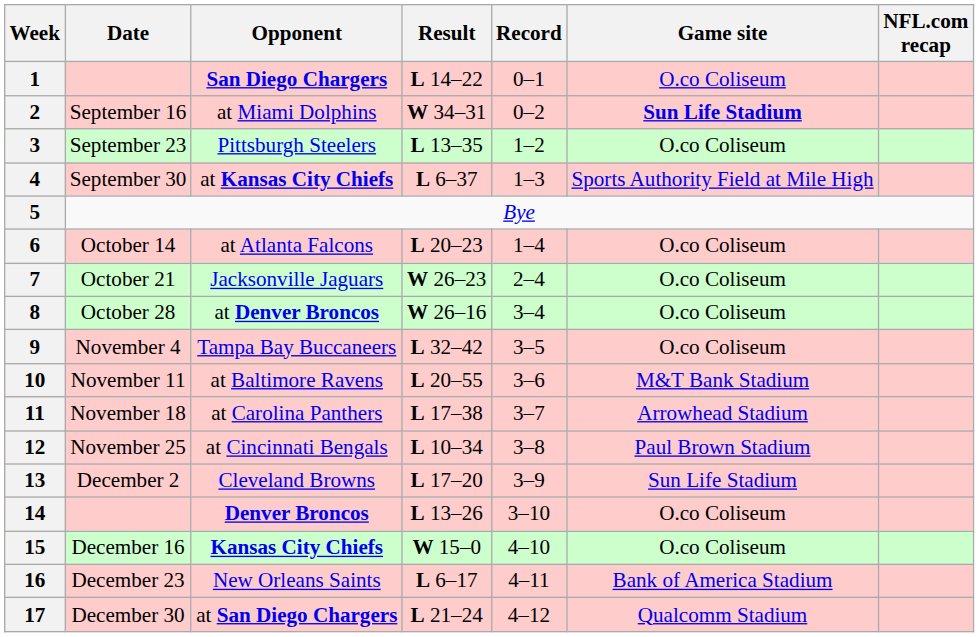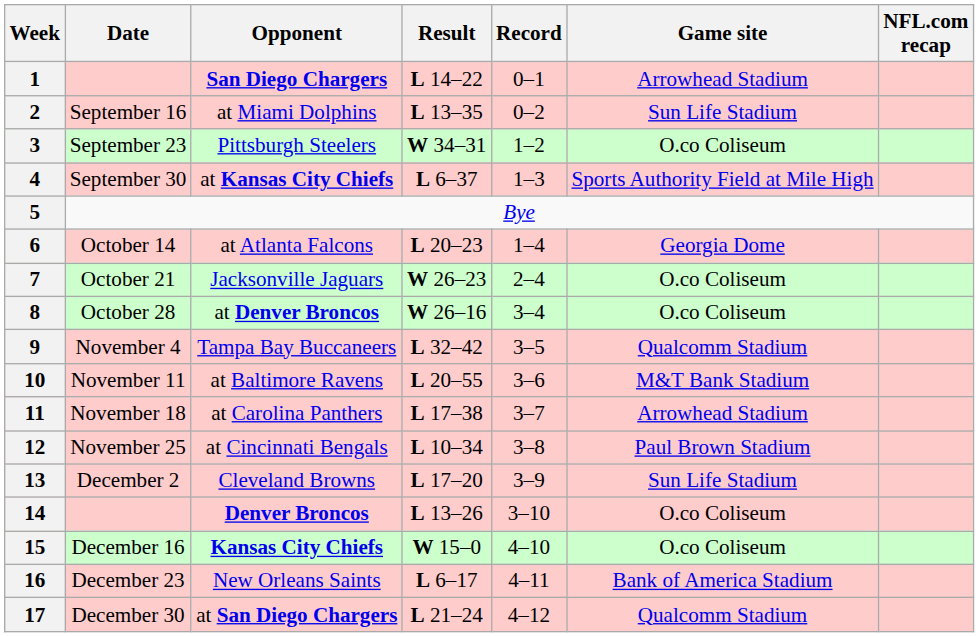 <table class="wikitable" style="align=center">
 <tr>
 <th +>Week</th>
 <th +>Date</th>
 <th +>Opponent</th>
 <th +>Result</th>
 <th +>Record</th>
 <th +>Game site</th>
 <th +>NFL.com<br>recap</th>
 </tr>
 <tr style="background:#fcc; text-align:center;">
 <th>1</th>
 <td></td>
 <td><strong><a href='#'>San Diego Chargers</a></strong></td>
 <td><strong>L</strong> 14–22</td>
 <td>0–1</td>
-<td><a href='#'>O.co Coliseum</a></td>
+<td><a href='#'>Arrowhead Stadium</a></td>
 <td></td>
 </tr>
 <tr style="background:#fcc; text-align:center;">
 <th>2</th>
 <td>September 16</td>
 <td>at <a href='#'>Miami Dolphins</a></td>
-<td><strong>W</strong> 34–31</td>
+<td><strong>L</strong> 13–35</td>
 <td>0–2</td>
-<td><strong><a href='#'>Sun Life Stadium</a></strong></td>
+<td><a href='#'>Sun Life Stadium</a></td>
 <td></td>
 </tr>
 <tr style="background:#cfc; text-align:center;">
 <th>3</th>
 <td>September 23</td>
 <td><a href='#'>Pittsburgh Steelers</a></td>
-<td><strong>L</strong> 13–35</td>
+<td><strong>W</strong> 34–31</td>
 <td>1–2</td>
 <td>O.co Coliseum</td>
 <td></td>
 </tr>
 <tr style="background:#fcc; text-align:center;">
 <th>4</th>
 <td>September 30</td>
 <td>at <strong><a href='#'>Kansas City Chiefs</a></strong></td>
 <td><strong>L</strong> 6–37</td>
 <td>1–3</td>
 <td><a href='#'>Sports Authority Field at Mile High</a></td>
 <td></td>
 </tr>
 <tr>
 <th>5</th>
 <td colspan="6" style="text-align:center;"><em><a href='#'>Bye</a></em></td>
 </tr>
 <tr style="background:#fcc; text-align:center;">
 <th>6</th>
 <td>October 14</td>
 <td>at <a href='#'>Atlanta Falcons</a></td>
 <td><strong>L</strong> 20–23</td>
 <td>1–4</td>
-<td>O.co Coliseum</td>
+<td><a href='#'>Georgia Dome</a></td>
 <td></td>
 </tr>
 <tr style="background:#cfc; text-align:center;">
 <th>7</th>
 <td>October 21</td>
 <td><a href='#'>Jacksonville Jaguars</a></td>
 <td><strong>W</strong> 26–23 </td>
 <td>2–4</td>
 <td>O.co Coliseum</td>
 <td></td>
 </tr>
 <tr style="background:#cfc; text-align:center;">
 <th>8</th>
 <td>October 28</td>
 <td>at <strong><a href='#'>Denver Broncos</a></strong></td>
 <td><strong>W</strong> 26–16</td>
 <td>3–4</td>
 <td>O.co Coliseum</td>
 <td></td>
 </tr>
 <tr style="background:#fcc; text-align:center;">
 <th>9</th>
 <td>November 4</td>
 <td><a href='#'>Tampa Bay Buccaneers</a></td>
 <td><strong>L</strong> 32–42</td>
 <td>3–5</td>
-<td>O.co Coliseum</td>
+<td><a href='#'>Qualcomm Stadium</a></td>
 <td></td>
 </tr>
 <tr style="background:#fcc; text-align:center;">
 <th>10</th>
 <td>November 11</td>
 <td>at <a href='#'>Baltimore Ravens</a></td>
 <td><strong>L</strong> 20–55</td>
 <td>3–6</td>
 <td><a href='#'>M&T Bank Stadium</a></td>
 <td></td>
 </tr>
 <tr style="background:#fcc; text-align:center;">
 <th>11</th>
 <td>November 18</td>
 <td>at <a href='#'>Carolina Panthers</a></td>
 <td><strong>L</strong> 17–38</td>
 <td>3–7</td>
 <td><a href='#'>Arrowhead Stadium</a></td>
 <td></td>
 </tr>
 <tr style="background:#fcc; text-align:center;">
 <th>12</th>
 <td>November 25</td>
 <td>at <a href='#'>Cincinnati Bengals</a></td>
 <td><strong>L</strong> 10–34</td>
 <td>3–8</td>
 <td><a href='#'>Paul Brown Stadium</a></td>
 <td></td>
 </tr>
 <tr style="background:#fcc; text-align:center;">
 <th>13</th>
 <td>December 2</td>
 <td><a href='#'>Cleveland Browns</a></td>
 <td><strong>L</strong> 17–20</td>
 <td>3–9</td>
 <td><a href='#'>Sun Life Stadium</a></td>
 <td></td>
 </tr>
 <tr style="background:#fcc; text-align:center;">
 <th>14</th>
 <td></td>
 <td><strong><a href='#'>Denver Broncos</a></strong></td>
 <td><strong>L</strong> 13–26</td>
 <td>3–10</td>
 <td>O.co Coliseum</td>
 <td></td>
 </tr>
 <tr style="background:#cfc; text-align:center;">
 <th>15</th>
 <td>December 16</td>
 <td><strong><a href='#'>Kansas City Chiefs</a></strong></td>
 <td><strong>W</strong> 15–0</td>
 <td>4–10</td>
 <td>O.co Coliseum</td>
 <td></td>
 </tr>
 <tr style="background:#fcc; text-align:center;">
 <th>16</th>
 <td>December 23</td>
 <td><a href='#'>New Orleans Saints</a></td>
 <td><strong>L</strong> 6–17</td>
 <td>4–11</td>
 <td><a href='#'>Bank of America Stadium</a></td>
 <td></td>
 </tr>
 <tr style="background:#fcc; text-align:center;">
 <th>17</th>
 <td>December 30</td>
 <td>at <strong><a href='#'>San Diego Chargers</a></strong></td>
 <td><strong>L</strong> 21–24</td>
 <td>4–12</td>
 <td><a href='#'>Qualcomm Stadium</a></td>
 <td></td>
 </tr>
 </table>
